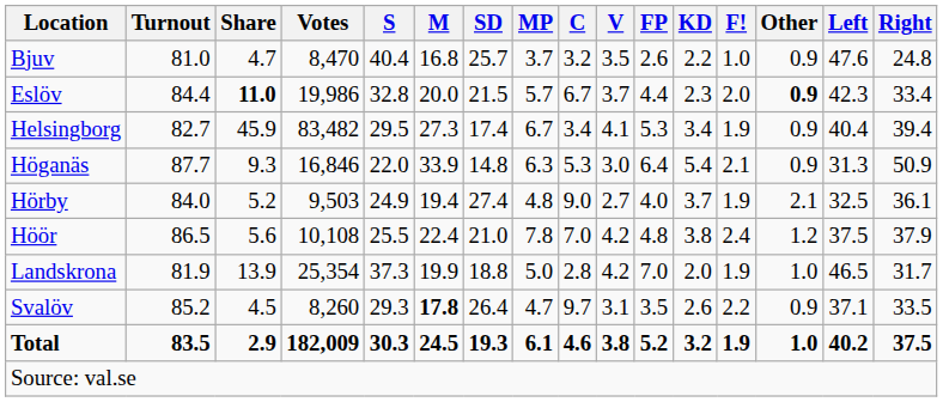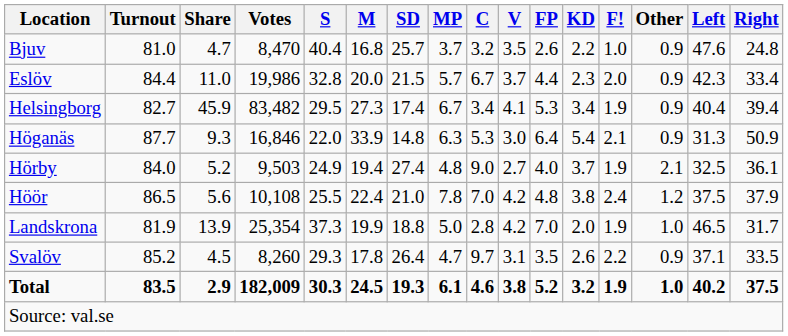 <table class="wikitable sortable" style=text-align:right>
 <tr>
 <th>Location</th>
 <th>Turnout</th>
 <th>Share</th>
 <th>Votes</th>
 <th><a href='#'>S</a></th>
 <th><a href='#'>M</a></th>
 <th><a href='#'>SD</a></th>
 <th><a href='#'>MP</a></th>
 <th><a href='#'>C</a></th>
 <th><a href='#'>V</a></th>
 <th><a href='#'>FP</a></th>
 <th><a href='#'>KD</a></th>
 <th><a href='#'>F!</a></th>
 <th>Other</th>
 <th><a href='#'>Left</a></th>
 <th><a href='#'>Right</a></th>
 </tr>
 <tr>
 <td align=left><a href='#'>Bjuv</a></td>
 <td>81.0</td>
 <td>4.7</td>
 <td>8,470</td>
 <td>40.4</td>
 <td>16.8</td>
 <td>25.7</td>
 <td>3.7</td>
 <td>3.2</td>
 <td>3.5</td>
 <td>2.6</td>
 <td>2.2</td>
 <td>1.0</td>
 <td>0.9</td>
 <td>47.6</td>
 <td>24.8</td>
 </tr>
 <tr>
 <td align=left><a href='#'>Eslöv</a></td>
 <td>84.4</td>
-<td><strong>11.0</strong></td>
+<td>11.0</td>
 <td>19,986</td>
 <td>32.8</td>
 <td>20.0</td>
 <td>21.5</td>
 <td>5.7</td>
 <td>6.7</td>
 <td>3.7</td>
 <td>4.4</td>
 <td>2.3</td>
 <td>2.0</td>
-<td><strong>0.9</strong></td>
+<td>0.9</td>
 <td>42.3</td>
 <td>33.4</td>
 </tr>
 <tr>
 <td align=left><a href='#'>Helsingborg</a></td>
 <td>82.7</td>
 <td>45.9</td>
 <td>83,482</td>
 <td>29.5</td>
 <td>27.3</td>
 <td>17.4</td>
 <td>6.7</td>
 <td>3.4</td>
 <td>4.1</td>
 <td>5.3</td>
 <td>3.4</td>
 <td>1.9</td>
 <td>0.9</td>
 <td>40.4</td>
 <td>39.4</td>
 </tr>
 <tr>
 <td align=left><a href='#'>Höganäs</a></td>
 <td>87.7</td>
 <td>9.3</td>
 <td>16,846</td>
 <td>22.0</td>
 <td>33.9</td>
 <td>14.8</td>
 <td>6.3</td>
 <td>5.3</td>
 <td>3.0</td>
 <td>6.4</td>
 <td>5.4</td>
 <td>2.1</td>
 <td>0.9</td>
 <td>31.3</td>
 <td>50.9</td>
 </tr>
 <tr>
 <td align=left><a href='#'>Hörby</a></td>
 <td>84.0</td>
 <td>5.2</td>
 <td>9,503</td>
 <td>24.9</td>
 <td>19.4</td>
 <td>27.4</td>
 <td>4.8</td>
 <td>9.0</td>
 <td>2.7</td>
 <td>4.0</td>
 <td>3.7</td>
 <td>1.9</td>
 <td>2.1</td>
 <td>32.5</td>
 <td>36.1</td>
 </tr>
 <tr>
 <td align=left><a href='#'>Höör</a></td>
 <td>86.5</td>
 <td>5.6</td>
 <td>10,108</td>
 <td>25.5</td>
 <td>22.4</td>
 <td>21.0</td>
 <td>7.8</td>
 <td>7.0</td>
 <td>4.2</td>
 <td>4.8</td>
 <td>3.8</td>
 <td>2.4</td>
 <td>1.2</td>
 <td>37.5</td>
 <td>37.9</td>
 </tr>
 <tr>
 <td align=left><a href='#'>Landskrona</a></td>
 <td>81.9</td>
 <td>13.9</td>
 <td>25,354</td>
 <td>37.3</td>
 <td>19.9</td>
 <td>18.8</td>
 <td>5.0</td>
 <td>2.8</td>
 <td>4.2</td>
 <td>7.0</td>
 <td>2.0</td>
 <td>1.9</td>
 <td>1.0</td>
 <td>46.5</td>
 <td>31.7</td>
 </tr>
 <tr>
 <td align=left><a href='#'>Svalöv</a></td>
 <td>85.2</td>
 <td>4.5</td>
 <td>8,260</td>
 <td>29.3</td>
-<td><strong>17.8</strong></td>
+<td>17.8</td>
 <td>26.4</td>
 <td>4.7</td>
 <td>9.7</td>
 <td>3.1</td>
 <td>3.5</td>
 <td>2.6</td>
 <td>2.2</td>
 <td>0.9</td>
 <td>37.1</td>
 <td>33.5</td>
 </tr>
 <tr>
 <td align=left><strong>Total</strong></td>
 <td><strong>83.5</strong></td>
 <td><strong>2.9</strong></td>
 <td><strong>182,009</strong></td>
 <td><strong>30.3</strong></td>
 <td><strong>24.5</strong></td>
 <td><strong>19.3</strong></td>
 <td><strong>6.1</strong></td>
 <td><strong>4.6</strong></td>
 <td><strong>3.8</strong></td>
 <td><strong>5.2</strong></td>
 <td><strong>3.2</strong></td>
 <td><strong>1.9</strong></td>
 <td><strong>1.0</strong></td>
 <td><strong>40.2</strong></td>
 <td><strong>37.5</strong></td>
 </tr>
 <tr>
 <td align=left colspan=16>Source: val.se </td>
 </tr>
 </table>
